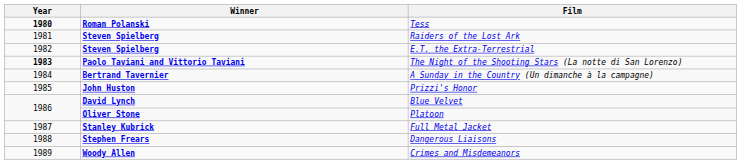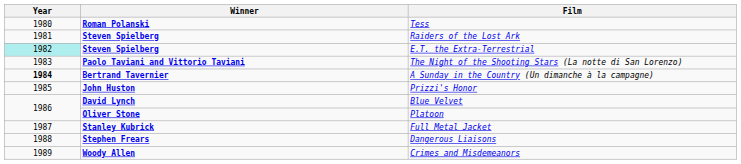 <table class="wikitable" width="95%" cellpadding="5">
 <tr>
 <th width="100"><strong>Year</strong></th>
 <th width="450"><strong>Winner</strong></th>
 <th width="450"><strong>Film</strong></th>
 </tr>
 <tr>
-<td style="text-align:center;"><strong>1980</strong></td>
+<td style="text-align:center;">1980</td>
 <td><strong><a href='#'>Roman Polanski</a></strong></td>
 <td><em><a href='#'>Tess</a></em></td>
 </tr>
 <tr>
 <td style="text-align:center;">1981</td>
 <td><strong><a href='#'>Steven Spielberg</a></strong></td>
 <td><em><a href='#'>Raiders of the Lost Ark</a></em></td>
 </tr>
 <tr>
-<td style="text-align:center;">1982</td>
+<td style="background: paleturquoise; text-align:center;">1982</td>
 <td><strong><a href='#'>Steven Spielberg</a></strong></td>
 <td><em><a href='#'>E.T. the Extra-Terrestrial</a></em></td>
 </tr>
 <tr>
-<td style="text-align:center;"><strong>1983</strong></td>
+<td style="text-align:center;">1983</td>
 <td><strong><a href='#'>Paolo Taviani and Vittorio Taviani</a></strong></td>
 <td><em><a href='#'>The Night of the Shooting Stars</a> (La notte di San Lorenzo)</em></td>
 </tr>
 <tr>
-<td style="text-align:center;">1984</td>
+<td style="text-align:center;"><strong>1984</strong></td>
 <td><strong><a href='#'>Bertrand Tavernier</a></strong></td>
 <td><em><a href='#'>A Sunday in the Country</a> (Un dimanche à la campagne)</em></td>
 </tr>
 <tr>
 <td style="text-align:center;">1985</td>
 <td><strong><a href='#'>John Huston</a></strong></td>
 <td><em><a href='#'>Prizzi's Honor</a></em></td>
 </tr>
 <tr>
 <td rowspan="2" style="text-align:center;">1986</td>
 <td><strong><a href='#'>David Lynch</a></strong></td>
 <td><em><a href='#'>Blue Velvet</a></em></td>
 </tr>
 <tr>
 <td><strong><a href='#'>Oliver Stone</a></strong></td>
 <td><em><a href='#'>Platoon</a></em></td>
 </tr>
 <tr>
 <td style="text-align:center;">1987</td>
 <td><strong><a href='#'>Stanley Kubrick</a></strong></td>
 <td><em><a href='#'>Full Metal Jacket</a></em></td>
 </tr>
 <tr>
 <td style="text-align:center;">1988</td>
 <td><strong><a href='#'>Stephen Frears</a></strong></td>
 <td><em><a href='#'>Dangerous Liaisons</a></em></td>
 </tr>
 <tr>
 <td style="text-align:center;">1989</td>
 <td><strong><a href='#'>Woody Allen</a></strong></td>
 <td><em><a href='#'>Crimes and Misdemeanors</a></em></td>
 </tr>
 </table>
